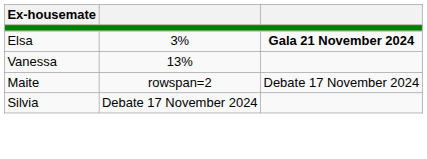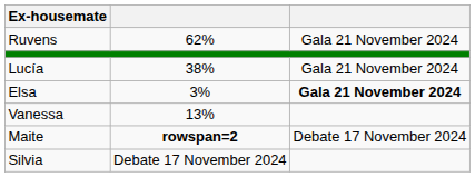 <table class="wikitable" style="text-align:center;">
 <tr>
 <th>Ex-housemate</th>
 <th></th>
 <th></th>
 </tr>
 <tr>
+<td style="text-align:left;">Ruvens</td>
+<td>62%</td>
+<td>Gala 21 November 2024</td>
+</tr>
+<tr>
 <th colspan="3" style="background:green"></th>
+</tr>
+<tr>
+<td style="text-align:left;">Lucía</td>
+<td>38%</td>
+<td>Gala 21 November 2024</td>
 </tr>
 <tr>
 <td style="text-align:left;">Elsa</td>
 <td>3%</td>
 <td><strong>Gala 21 November 2024</strong></td>
 </tr>
 <tr>
 <td style="text-align:left;">Vanessa</td>
 <td>13%</td>
 <td></td>
 </tr>
 <tr>
 <td style="text-align:left;">Maite</td>
-<td>rowspan=2 </td>
+<td><strong>rowspan=2 </strong></td>
 <td>Debate 17 November 2024</td>
 </tr>
 <tr>
 <td style="text-align:left;">Silvia</td>
 <td>Debate 17 November 2024</td>
 </tr>
 </table>
